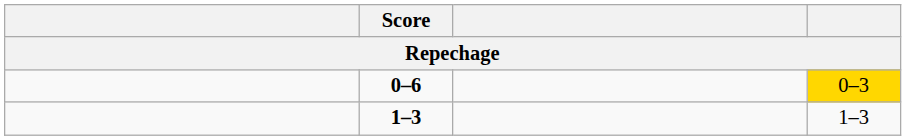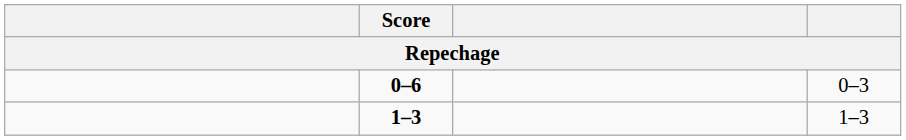 <table class="wikitable" style="text-align: left; ">
 <tr>
 <th align="right" width="270"></th>
 <th width="65">Score</th>
 <th align="left" width="270"></th>
 <th width="65"></th>
 </tr>
 <tr>
 <th colspan=4>Repechage</th>
 </tr>
 <tr>
 <td></td>
 <td align="center"><strong>0–6</strong></td>
 <td><strong></strong></td>
-<td align=center style="background: gold;">0–3 <strong></strong></td>
+<td align=center>0–3 <strong></strong></td>
 </tr>
 <tr>
 <td></td>
 <td align="center"><strong>1–3</strong></td>
 <td><strong></strong></td>
 <td align=center>1–3 <strong></strong></td>
 </tr>
 </table>
